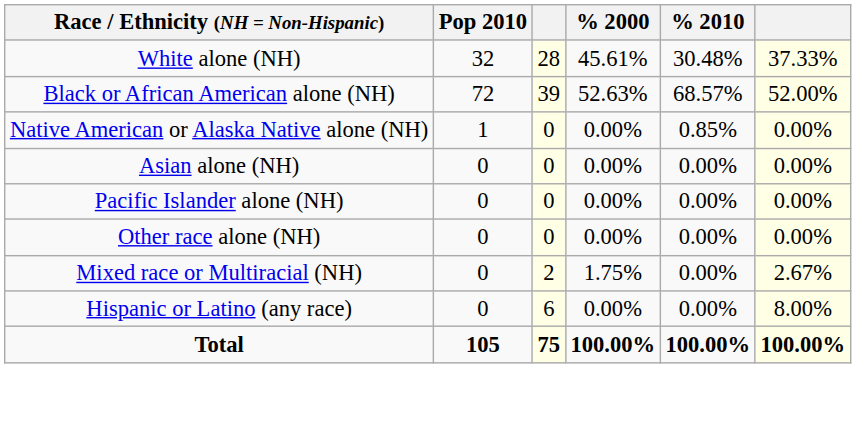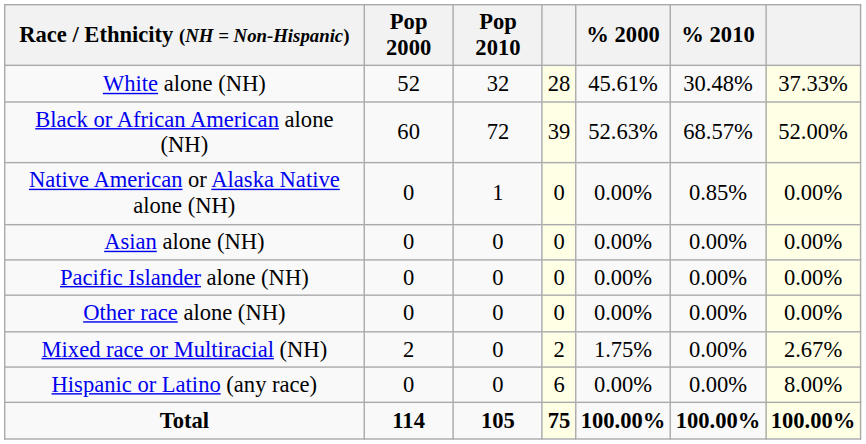 <table class="wikitable" style="text-align:center;">
 <tr>
 <th>Race / Ethnicity <small>(<em>NH = Non-Hispanic</em>)</small></th>
+<th>Pop 2000</th>
 <th>Pop 2010</th>
 <th></th>
 <th>% 2000</th>
 <th>% 2010</th>
 <th></th>
 </tr>
 <tr>
 <td><a href='#'>White</a> alone (NH)</td>
+<td>52</td>
 <td>32</td>
 <td style='background: #ffffe6;'>28</td>
 <td>45.61%</td>
 <td>30.48%</td>
 <td style='background: #ffffe6;'>37.33%</td>
 </tr>
 <tr>
 <td><a href='#'>Black or African American</a> alone (NH)</td>
+<td>60</td>
 <td>72</td>
 <td style='background: #ffffe6;'>39</td>
 <td>52.63%</td>
 <td>68.57%</td>
 <td style='background: #ffffe6;'>52.00%</td>
 </tr>
 <tr>
 <td><a href='#'>Native American</a> or <a href='#'>Alaska Native</a> alone (NH)</td>
+<td>0</td>
 <td>1</td>
 <td style='background: #ffffe6;'>0</td>
 <td>0.00%</td>
 <td>0.85%</td>
 <td style='background: #ffffe6;'>0.00%</td>
 </tr>
 <tr>
 <td><a href='#'>Asian</a> alone (NH)</td>
 <td>0</td>
+<td>0</td>
 <td style='background: #ffffe6;'>0</td>
 <td>0.00%</td>
 <td>0.00%</td>
 <td style='background: #ffffe6;'>0.00%</td>
 </tr>
 <tr>
 <td><a href='#'>Pacific Islander</a> alone (NH)</td>
+<td>0</td>
 <td>0</td>
 <td style='background: #ffffe6;'>0</td>
 <td>0.00%</td>
 <td>0.00%</td>
 <td style='background: #ffffe6;'>0.00%</td>
 </tr>
 <tr>
 <td><a href='#'>Other race</a> alone (NH)</td>
 <td>0</td>
+<td>0</td>
 <td style='background: #ffffe6;'>0</td>
 <td>0.00%</td>
 <td>0.00%</td>
 <td style='background: #ffffe6;'>0.00%</td>
 </tr>
 <tr>
 <td><a href='#'>Mixed race or Multiracial</a> (NH)</td>
+<td>2</td>
 <td>0</td>
 <td style='background: #ffffe6;'>2</td>
 <td>1.75%</td>
 <td>0.00%</td>
 <td style='background: #ffffe6;'>2.67%</td>
 </tr>
 <tr>
 <td><a href='#'>Hispanic or Latino</a> (any race)</td>
 <td>0</td>
+<td>0</td>
 <td style='background: #ffffe6;'>6</td>
 <td>0.00%</td>
 <td>0.00%</td>
 <td style='background: #ffffe6;'>8.00%</td>
 </tr>
 <tr>
 <td><strong>Total</strong></td>
+<td><strong>114</strong></td>
 <td><strong>105</strong></td>
 <td style='background: #ffffe6;'><strong>75</strong></td>
 <td><strong>100.00%</strong></td>
 <td><strong>100.00%</strong></td>
 <td style='background: #ffffe6;'><strong>100.00%</strong></td>
 </tr>
 </table>
